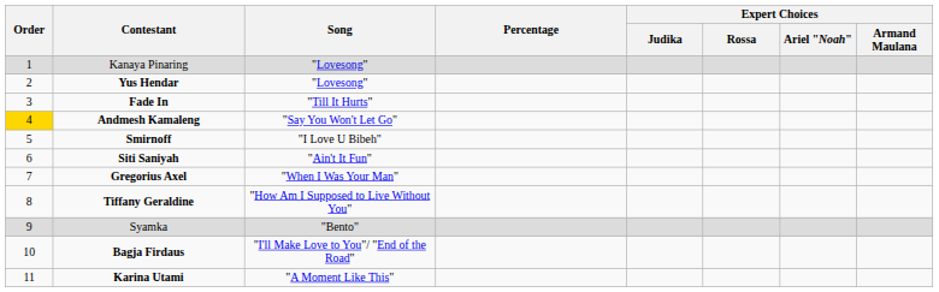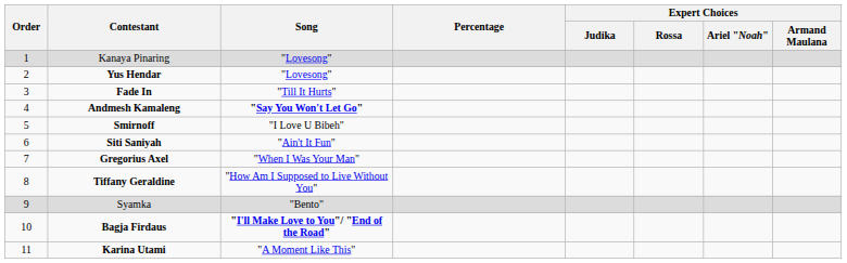 <table class="wikitable" style="text-align:center; width:100%;">
 <tr>
 <th scope="col" rowspan="2" style="width:05%;">Order</th>
 <th scope="col" rowspan="2" style="width:20%;">Contestant</th>
 <th scope="col" rowspan="2" style="width:20%;">Song</th>
 <th scope="col" rowspan="2" style="width:20%;">Percentage</th>
 <th scope="col" colspan="4" style="width:32%;">Expert Choices</th>
 </tr>
 <tr>
 <th style="width:08%;">Judika</th>
 <th style="width:08%;">Rossa</th>
 <th style="width:08%;">Ariel "<em>Noah</em>"</th>
 <th style="width:08%;">Armand Maulana</th>
 </tr>
 <tr style="background:#DCDCDC;">
 <td>1</td>
 <td>Kanaya Pinaring</td>
 <td>"<a href='#'>Lovesong</a>"</td>
 <td></td>
 <td></td>
 <td></td>
 <td></td>
 <td></td>
 </tr>
 <tr>
 <td>2</td>
 <td><strong>Yus Hendar</strong></td>
 <td>"<a href='#'>Lovesong</a>"</td>
 <td></td>
 <td></td>
 <td></td>
 <td></td>
 <td></td>
 </tr>
 <tr>
 <td>3</td>
 <td><strong>Fade In</strong></td>
 <td>"<a href='#'>Till It Hurts</a>"</td>
 <td></td>
 <td></td>
 <td></td>
 <td></td>
 <td></td>
 </tr>
 <tr>
-<td style="background: gold;">4</td>
+<td>4</td>
 <td><strong>Andmesh Kamaleng</strong></td>
-<td>"<a href='#'>Say You Won't Let Go</a>"</td>
+<td><strong>"<a href='#'>Say You Won't Let Go</a>"</strong></td>
 <td></td>
 <td></td>
 <td></td>
 <td></td>
 <td></td>
 </tr>
 <tr>
 <td>5</td>
 <td><strong>Smirnoff</strong></td>
 <td>"I Love U Bibeh"</td>
 <td></td>
 <td></td>
 <td></td>
 <td></td>
 <td></td>
 </tr>
 <tr>
 <td>6</td>
 <td><strong>Siti Saniyah</strong></td>
 <td>"<a href='#'>Ain't It Fun</a>"</td>
 <td></td>
 <td></td>
 <td></td>
 <td></td>
 <td></td>
 </tr>
 <tr>
 <td>7</td>
 <td><strong>Gregorius Axel</strong></td>
 <td>"<a href='#'>When I Was Your Man</a>"</td>
 <td></td>
 <td></td>
 <td></td>
 <td></td>
 <td></td>
 </tr>
 <tr>
 <td>8</td>
 <td><strong>Tiffany Geraldine</strong></td>
 <td>"<a href='#'>How Am I Supposed to Live Without You</a>"</td>
 <td></td>
 <td></td>
 <td></td>
 <td></td>
 <td></td>
 </tr>
 <tr style="background:#DCDCDC;">
 <td>9</td>
 <td>Syamka</td>
 <td>"Bento"</td>
 <td></td>
 <td></td>
 <td></td>
 <td></td>
 <td></td>
 </tr>
 <tr>
 <td>10</td>
 <td><strong>Bagja Firdaus</strong></td>
-<td>"<a href='#'>I'll Make Love to You</a>"/ "<a href='#'>End of the Road</a>"</td>
+<td><strong>"<a href='#'>I'll Make Love to You</a>"/ "<a href='#'>End of the Road</a>"</strong></td>
 <td></td>
 <td></td>
 <td></td>
 <td></td>
 <td></td>
 </tr>
 <tr>
 <td>11</td>
 <td><strong>Karina Utami</strong></td>
 <td>"<a href='#'>A Moment Like This</a>"</td>
 <td></td>
 <td></td>
 <td></td>
 <td></td>
 <td></td>
 </tr>
 </table>
